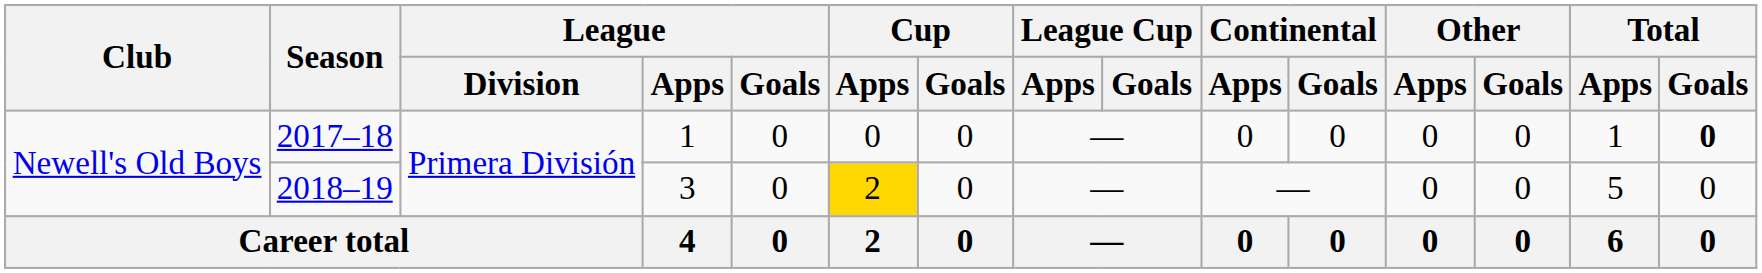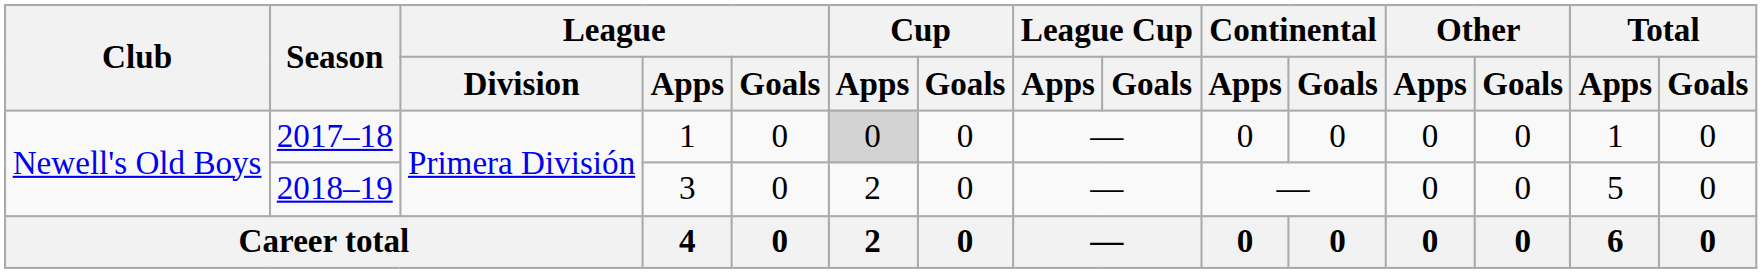 <table class="wikitable" style="text-align:center">
 <tr>
 <th rowspan="2">Club</th>
 <th rowspan="2">Season</th>
 <th colspan="3">League</th>
 <th colspan="2">Cup</th>
 <th colspan="2">League Cup</th>
 <th colspan="2">Continental</th>
 <th colspan="2">Other</th>
 <th colspan="2">Total</th>
 </tr>
 <tr>
 <th>Division</th>
 <th>Apps</th>
 <th>Goals</th>
 <th>Apps</th>
 <th>Goals</th>
 <th>Apps</th>
 <th>Goals</th>
 <th>Apps</th>
 <th>Goals</th>
 <th>Apps</th>
 <th>Goals</th>
 <th>Apps</th>
 <th>Goals</th>
 </tr>
 <tr>
 <td rowspan="2"><a href='#'>Newell's Old Boys</a></td>
 <td><a href='#'>2017–18</a></td>
 <td rowspan="2"><a href='#'>Primera División</a></td>
 <td>1</td>
 <td>0</td>
-<td>0</td>
+<td style="background: lightgrey;">0</td>
 <td>0</td>
 <td colspan="2">—</td>
 <td>0</td>
 <td>0</td>
 <td>0</td>
 <td>0</td>
 <td>1</td>
-<td><strong>0</strong></td>
+<td>0</td>
 </tr>
 <tr>
 <td><a href='#'>2018–19</a></td>
 <td>3</td>
 <td>0</td>
-<td style="background: gold;">2</td>
+<td>2</td>
 <td>0</td>
 <td colspan="2">—</td>
 <td colspan="2">—</td>
 <td>0</td>
 <td>0</td>
 <td>5</td>
 <td>0</td>
 </tr>
 <tr>
 <th colspan="3">Career total</th>
 <th>4</th>
 <th>0</th>
 <th>2</th>
 <th>0</th>
 <th colspan="2">—</th>
 <th>0</th>
 <th>0</th>
 <th>0</th>
 <th>0</th>
 <th>6</th>
 <th>0</th>
 </tr>
 </table>
